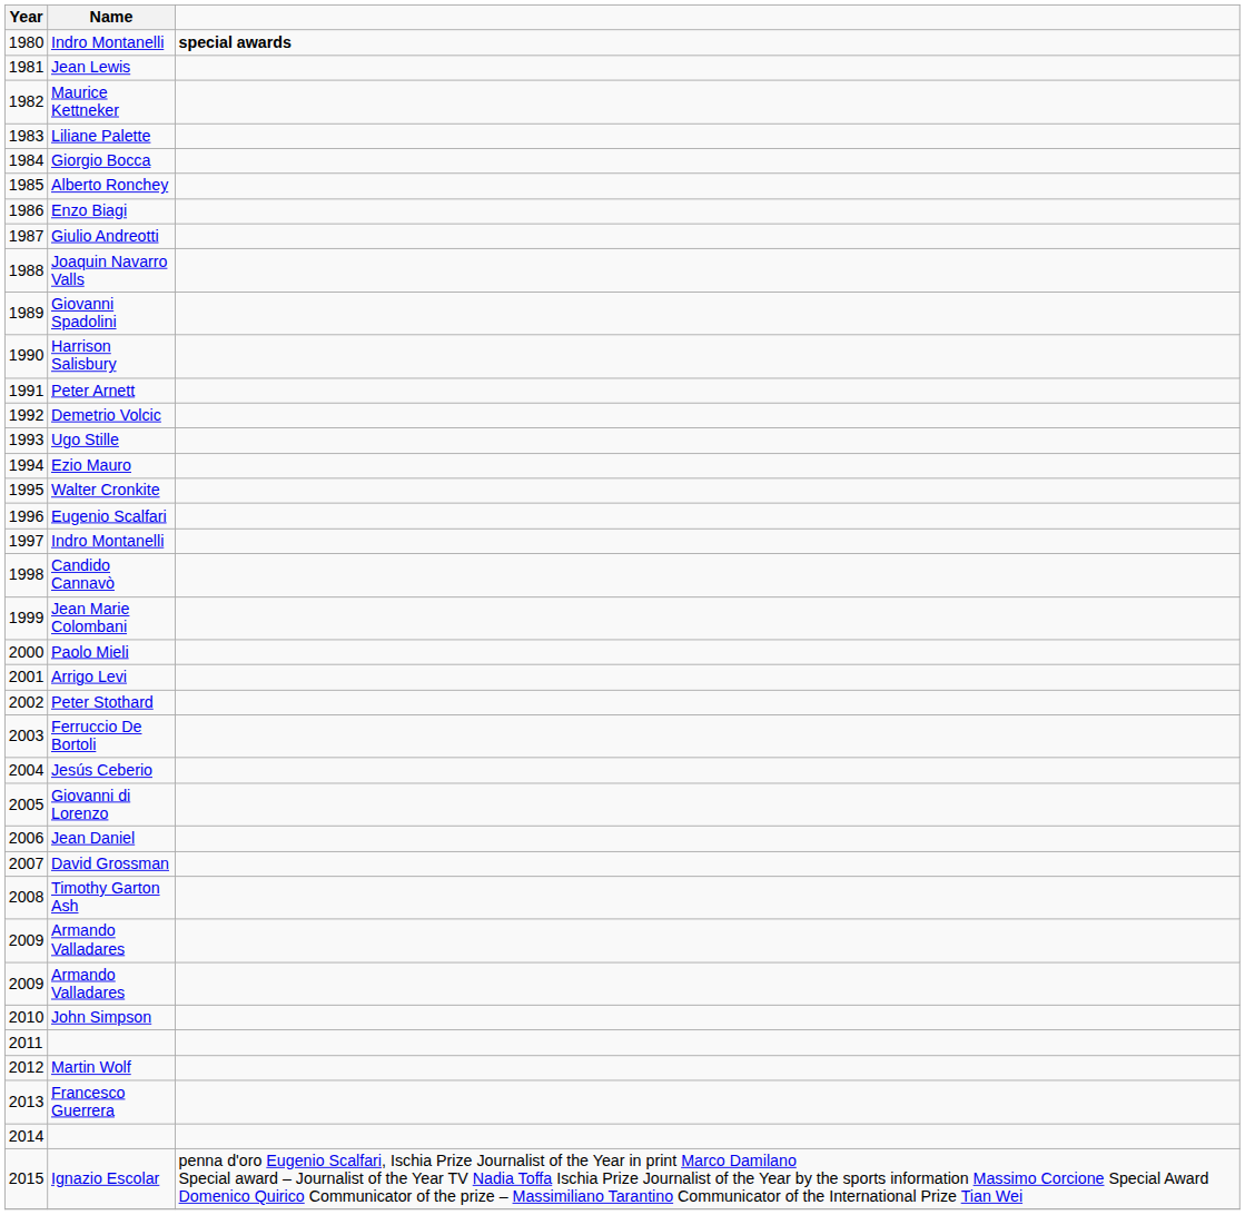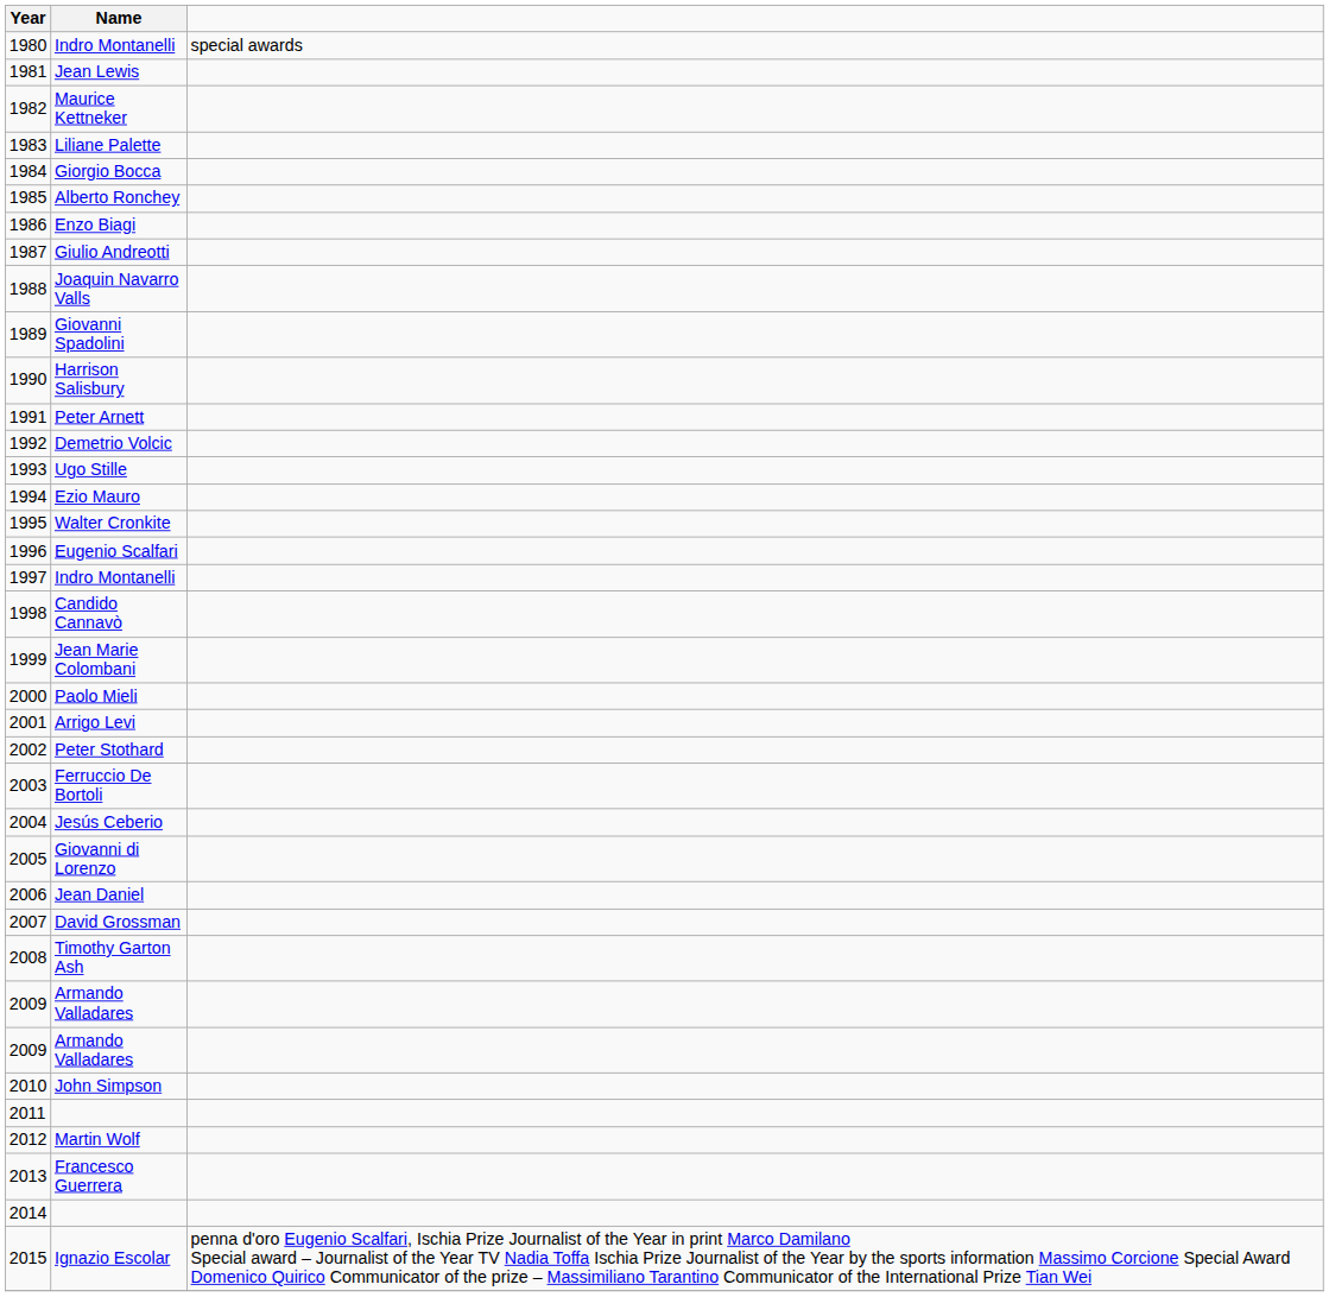 <table class="wikitable">
 <tr>
 <th>Year</th>
 <th>Name</th>
 </tr>
 <tr>
 <td>1980</td>
 <td><a href='#'>Indro Montanelli</a></td>
-<td><strong>special awards</strong></td>
+<td>special awards</td>
 </tr>
 <tr>
 <td>1981</td>
 <td><a href='#'>Jean Lewis</a></td>
 <td></td>
 </tr>
 <tr>
 <td>1982</td>
 <td><a href='#'>Maurice Kettneker</a></td>
 <td></td>
 </tr>
 <tr>
 <td>1983</td>
 <td><a href='#'>Liliane Palette</a></td>
 <td></td>
 </tr>
 <tr>
 <td>1984</td>
 <td><a href='#'>Giorgio Bocca</a></td>
 <td></td>
 </tr>
 <tr>
 <td>1985</td>
 <td><a href='#'>Alberto Ronchey</a></td>
 <td></td>
 </tr>
 <tr>
 <td>1986</td>
 <td><a href='#'>Enzo Biagi</a></td>
 <td></td>
 </tr>
 <tr>
 <td>1987</td>
 <td><a href='#'>Giulio Andreotti</a></td>
 <td></td>
 </tr>
 <tr>
 <td>1988</td>
 <td><a href='#'>Joaquin Navarro Valls</a></td>
 <td></td>
 </tr>
 <tr>
 <td>1989</td>
 <td><a href='#'>Giovanni Spadolini</a></td>
 <td></td>
 </tr>
 <tr>
 <td>1990</td>
 <td><a href='#'>Harrison Salisbury</a></td>
 <td></td>
 </tr>
 <tr>
 <td>1991</td>
 <td><a href='#'>Peter Arnett</a></td>
 <td></td>
 </tr>
 <tr>
 <td>1992</td>
 <td><a href='#'>Demetrio Volcic</a></td>
 <td></td>
 </tr>
 <tr>
 <td>1993</td>
 <td><a href='#'>Ugo Stille</a></td>
 <td></td>
 </tr>
 <tr>
 <td>1994</td>
 <td><a href='#'>Ezio Mauro</a></td>
 <td></td>
 </tr>
 <tr>
 <td>1995</td>
 <td><a href='#'>Walter Cronkite</a></td>
 <td></td>
 </tr>
 <tr>
 <td>1996</td>
 <td><a href='#'>Eugenio Scalfari</a></td>
 <td></td>
 </tr>
 <tr>
 <td>1997</td>
 <td><a href='#'>Indro Montanelli</a></td>
 <td></td>
 </tr>
 <tr>
 <td>1998</td>
 <td><a href='#'>Candido Cannavò</a></td>
 <td></td>
 </tr>
 <tr>
 <td>1999</td>
 <td><a href='#'>Jean Marie Colombani</a></td>
 <td></td>
 </tr>
 <tr>
 <td>2000</td>
 <td><a href='#'>Paolo Mieli</a></td>
 <td></td>
 </tr>
 <tr>
 <td>2001</td>
 <td><a href='#'>Arrigo Levi</a></td>
 <td></td>
 </tr>
 <tr>
 <td>2002</td>
 <td><a href='#'>Peter Stothard</a></td>
 <td></td>
 </tr>
 <tr>
 <td>2003</td>
 <td><a href='#'>Ferruccio De Bortoli</a></td>
 <td></td>
 </tr>
 <tr>
 <td>2004</td>
 <td><a href='#'>Jesús Ceberio</a></td>
 <td></td>
 </tr>
 <tr>
 <td>2005</td>
 <td><a href='#'>Giovanni di Lorenzo</a></td>
 <td></td>
 </tr>
 <tr>
 <td>2006</td>
 <td><a href='#'>Jean Daniel</a></td>
 <td></td>
 </tr>
 <tr>
 <td>2007</td>
 <td><a href='#'>David Grossman</a></td>
 <td></td>
 </tr>
 <tr>
 <td>2008</td>
 <td><a href='#'>Timothy Garton Ash</a></td>
 <td></td>
 </tr>
 <tr>
 <td>2009</td>
 <td><a href='#'>Armando Valladares</a></td>
 <td></td>
 </tr>
 <tr>
 <td>2009</td>
 <td><a href='#'>Armando Valladares</a></td>
 <td></td>
 </tr>
 <tr>
 <td>2010</td>
 <td><a href='#'>John Simpson</a></td>
 <td></td>
 </tr>
 <tr>
 <td>2011</td>
 <td></td>
 <td></td>
 </tr>
 <tr>
 <td>2012</td>
 <td><a href='#'>Martin Wolf</a></td>
 <td></td>
 </tr>
 <tr>
 <td>2013</td>
 <td><a href='#'>Francesco Guerrera</a></td>
 <td></td>
 </tr>
 <tr>
 <td>2014</td>
 <td></td>
 <td></td>
 </tr>
 <tr>
 <td>2015</td>
 <td><a href='#'>Ignazio Escolar</a></td>
 <td>penna d'oro <a href='#'>Eugenio Scalfari</a>, Ischia Prize Journalist of the Year in print <a href='#'>Marco Damilano</a><br>Special award – Journalist of the Year TV <a href='#'>Nadia Toffa</a> Ischia Prize Journalist of the Year by the sports information <a href='#'>Massimo Corcione</a> Special Award <a href='#'>Domenico Quirico</a> Communicator of the prize – <a href='#'>Massimiliano Tarantino</a> Communicator of the International Prize <a href='#'>Tian Wei</a></td>
 </tr>
 <tr>
 </tr>
 </table>
